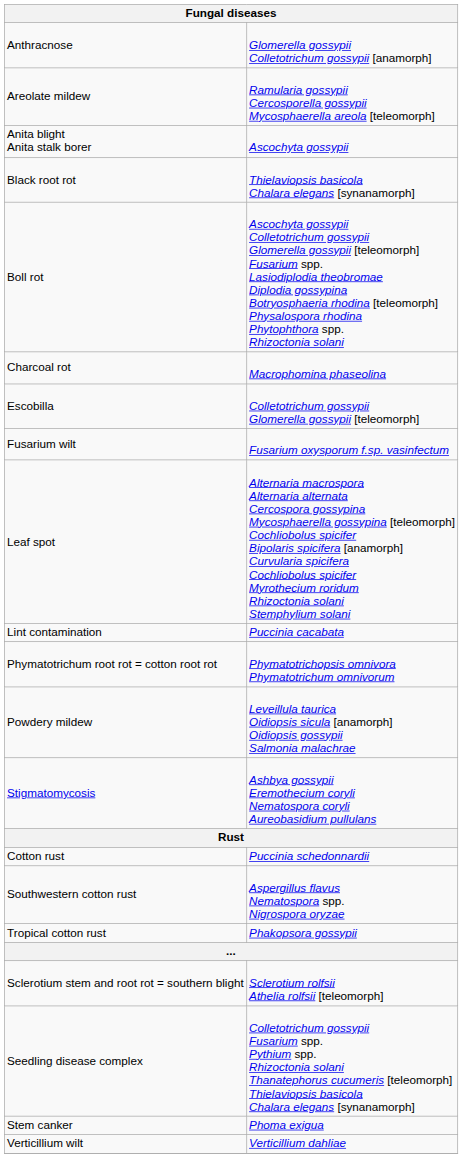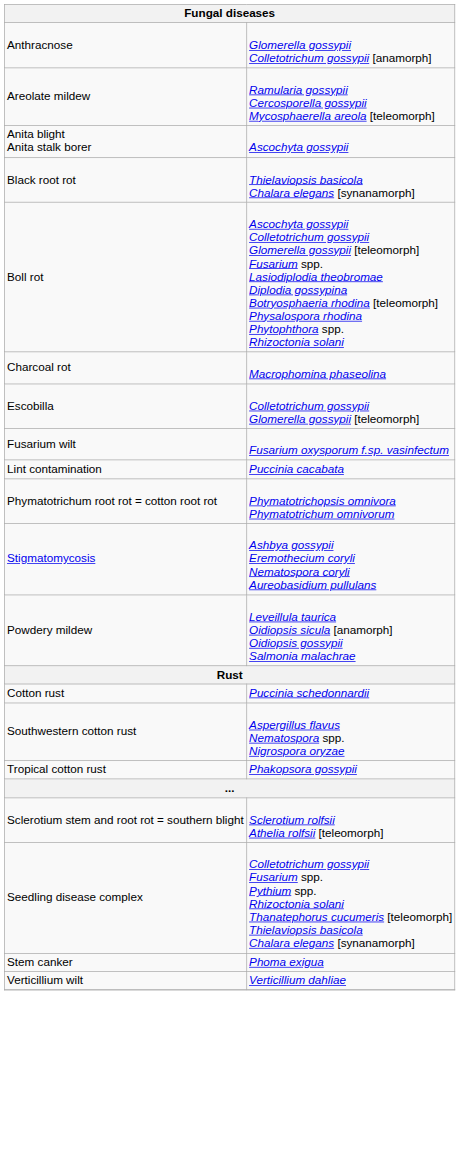 <table class="wikitable" style="clear">
 <tr>
 <th colspan=2><strong>Fungal diseases</strong><br></th>
 </tr>
 <tr>
 <td>Anthracnose</td>
 <td><br><em><a href='#'>Glomerella gossypii</a></em><br> <em><a href='#'>Colletotrichum gossypii</a></em> [anamorph]</td>
 </tr>
 <tr>
 <td>Areolate mildew</td>
 <td><br><em><a href='#'>Ramularia gossypii</a></em> <br>  <em><a href='#'>Cercosporella gossypii</a></em><br> <em><a href='#'>Mycosphaerella areola</a></em> [teleomorph]</td>
 </tr>
 <tr>
 <td>Anita blight<br>Anita stalk borer</td>
 <td><br><em><a href='#'>Ascochyta gossypii</a></em></td>
 </tr>
 <tr>
 <td>Black root rot</td>
 <td><br><em><a href='#'>Thielaviopsis basicola</a></em><br> <em><a href='#'>Chalara elegans</a></em> [synanamorph]</td>
 </tr>
 <tr>
 <td>Boll rot</td>
 <td><br><em><a href='#'>Ascochyta gossypii</a></em><br> <em><a href='#'>Colletotrichum gossypii</a></em><br> <em><a href='#'>Glomerella gossypii</a></em> [teleomorph] <br> <em><a href='#'>Fusarium</a></em> spp. <br> <em><a href='#'>Lasiodiplodia theobromae</a></em><br>  <em><a href='#'>Diplodia gossypina</a></em><br> <em><a href='#'>Botryosphaeria rhodina</a></em> [teleomorph] <br>  <em><a href='#'>Physalospora rhodina</a></em><br> <em><a href='#'>Phytophthora</a></em> spp. <br> <em><a href='#'>Rhizoctonia solani</a></em></td>
 </tr>
 <tr>
 <td>Charcoal rot</td>
 <td><br><em><a href='#'>Macrophomina phaseolina</a></em></td>
 </tr>
 <tr>
 <td>Escobilla</td>
 <td><br><em><a href='#'>Colletotrichum gossypii</a></em><br> <em><a href='#'>Glomerella gossypii</a></em> [teleomorph]</td>
 </tr>
 <tr>
 <td>Fusarium wilt</td>
 <td><br><em><a href='#'>Fusarium oxysporum f.sp. vasinfectum</a></em></td>
 </tr>
 <tr>
-<td>Leaf spot</td>
-<td><br><em><a href='#'>Alternaria macrospora</a></em><br> <em><a href='#'>Alternaria alternata</a></em><br> <em><a href='#'>Cercospora gossypina</a></em><br> <em><a href='#'>Mycosphaerella gossypina</a></em> [teleomorph] <br> <em><a href='#'>Cochliobolus spicifer</a></em><br> <em><a href='#'>Bipolaris spicifera</a></em> [anamorph] <br>  <em><a href='#'>Curvularia spicifera</a></em> <br>  <em><a href='#'>Cochliobolus spicifer</a></em><br> <em><a href='#'>Myrothecium roridum</a></em><br> <em><a href='#'>Rhizoctonia solani</a></em><br> <em><a href='#'>Stemphylium solani</a></em></td>
-</tr>
-<tr>
 <td>Lint contamination</td>
 <td><em><a href='#'>Puccinia cacabata</a></em></td>
 </tr>
 <tr>
 <td>Phymatotrichum root rot = cotton root rot</td>
 <td><br><em><a href='#'>Phymatotrichopsis omnivora</a></em> <br>  <em><a href='#'>Phymatotrichum omnivorum</a></em></td>
 </tr>
 <tr>
+<td><a href='#'>Stigmatomycosis</a></td>
+<td><br><em><a href='#'>Ashbya gossypii</a></em><br> <em><a href='#'>Eremothecium coryli</a></em> <br>  <em><a href='#'>Nematospora coryli</a></em><br> <em><a href='#'>Aureobasidium pullulans</a></em><br></td>
+</tr>
+<tr>
 <td>Powdery mildew</td>
 <td><br><em><a href='#'>Leveillula taurica</a></em><br> <em><a href='#'>Oidiopsis sicula</a></em> [anamorph] <br>  <em><a href='#'>Oidiopsis gossypii</a></em><br> <em><a href='#'>Salmonia malachrae</a></em></td>
-</tr>
-<tr>
-<td><a href='#'>Stigmatomycosis</a></td>
-<td><br><em><a href='#'>Ashbya gossypii</a></em><br> <em><a href='#'>Eremothecium coryli</a></em> <br>  <em><a href='#'>Nematospora coryli</a></em><br> <em><a href='#'>Aureobasidium pullulans</a></em><br></td>
 </tr>
 <tr>
 <th colspan=2>Rust</th>
 </tr>
 <tr>
 <td>Cotton rust</td>
 <td><em><a href='#'>Puccinia schedonnardii</a></em></td>
 </tr>
 <tr>
 <td>Southwestern cotton rust</td>
 <td><br><em><a href='#'>Aspergillus flavus</a></em><br> <em><a href='#'>Nematospora</a></em> spp. <br> <em><a href='#'>Nigrospora oryzae</a></em></td>
 </tr>
 <tr>
 <td>Tropical cotton rust</td>
 <td><em><a href='#'>Phakopsora gossypii</a></em></td>
 </tr>
 <tr>
 <th colspan=2>...</th>
 </tr>
 <tr>
 <td>Sclerotium stem and root rot = southern blight</td>
 <td><br><em><a href='#'>Sclerotium rolfsii</a></em><br> <em><a href='#'>Athelia rolfsii</a></em> [teleomorph]</td>
 </tr>
 <tr>
 <td>Seedling disease complex</td>
 <td><br><em><a href='#'>Colletotrichum gossypii</a></em><br> <em><a href='#'>Fusarium</a></em> spp. <br> <em><a href='#'>Pythium</a></em> spp. <br> <em><a href='#'>Rhizoctonia solani</a></em><br> <em><a href='#'>Thanatephorus cucumeris</a></em> [teleomorph] <br> <em><a href='#'>Thielaviopsis basicola</a></em><br> <em><a href='#'>Chalara elegans</a></em> [synanamorph]</td>
 </tr>
 <tr>
 <td>Stem canker</td>
 <td><em><a href='#'>Phoma exigua</a></em></td>
 </tr>
 <tr>
 <td>Verticillium wilt</td>
 <td><em><a href='#'>Verticillium dahliae</a></em></td>
 </tr>
 <tr>
 </tr>
 </table>
